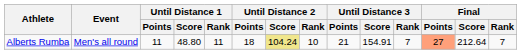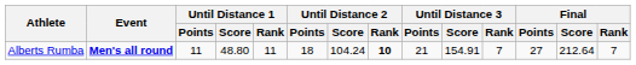 <table class="wikitable" border="1" style="font-size:90%">
 <tr>
 <th rowspan=2>Athlete</th>
 <th rowspan=2>Event</th>
 <th colspan=3>Until Distance 1</th>
 <th colspan=3>Until Distance 2</th>
 <th colspan=3>Until Distance 3</th>
 <th colspan=3>Final</th>
 </tr>
 <tr>
 <th>Points</th>
 <th>Score</th>
 <th>Rank</th>
 <th>Points</th>
 <th>Score</th>
 <th>Rank</th>
 <th>Points</th>
 <th>Score</th>
 <th>Rank</th>
 <th>Points</th>
 <th>Score</th>
 <th>Rank</th>
 </tr>
 <tr>
 <td><a href='#'>Alberts Rumba</a></td>
-<td><a href='#'>Men's all round</a></td>
+<td><strong><a href='#'>Men's all round</a></strong></td>
 <td align=center>11</td>
 <td align=center>48.80</td>
 <td align=center>11</td>
 <td align=center>18</td>
-<td align=center style="background: khaki;">104.24</td>
-<td align=center>10</td>
+<td align=center>104.24</td>
+<td align=center><strong>10</strong></td>
 <td align=center>21</td>
 <td align=center>154.91</td>
 <td align=center>7</td>
-<td align=center style="background: lightsalmon;">27</td>
+<td align=center>27</td>
 <td align=center>212.64</td>
 <td align=center>7</td>
 </tr>
 </table>
